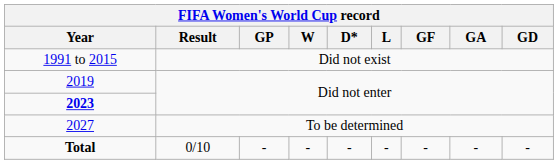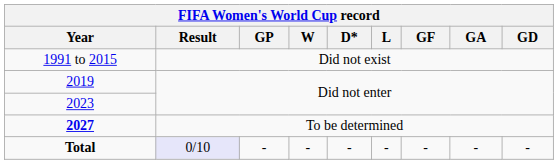 <table class="wikitable" style="text-align: center; width:50%;">
 <tr>
 <th colspan=10><a href='#'>FIFA Women's World Cup</a> record</th>
 </tr>
 <tr>
 <th>Year</th>
 <th>Result</th>
 <th>GP</th>
 <th>W</th>
 <th>D*</th>
 <th>L</th>
 <th>GF</th>
 <th>GA</th>
 <th>GD</th>
 </tr>
 <tr>
 <td> <a href='#'>1991</a> to  <a href='#'>2015</a></td>
 <td colspan=8>Did not exist</td>
 </tr>
 <tr>
 <td> <a href='#'>2019</a></td>
 <td colspan=8 rowspan=2>Did not enter</td>
 </tr>
 <tr>
-<td><strong> <a href='#'>2023</a></strong></td>
+<td> <a href='#'>2023</a></td>
 </tr>
 <tr>
-<td> <a href='#'>2027</a></td>
+<td><strong> <a href='#'>2027</a></strong></td>
 <td colspan=8>To be determined</td>
 </tr>
 <tr>
 <td><strong>Total</strong></td>
-<td>0/10</td>
+<td style="background: lavender;">0/10</td>
 <td>-</td>
 <td>-</td>
 <td>-</td>
 <td>-</td>
 <td>-</td>
 <td>-</td>
 <td>-</td>
 </tr>
 </table>
